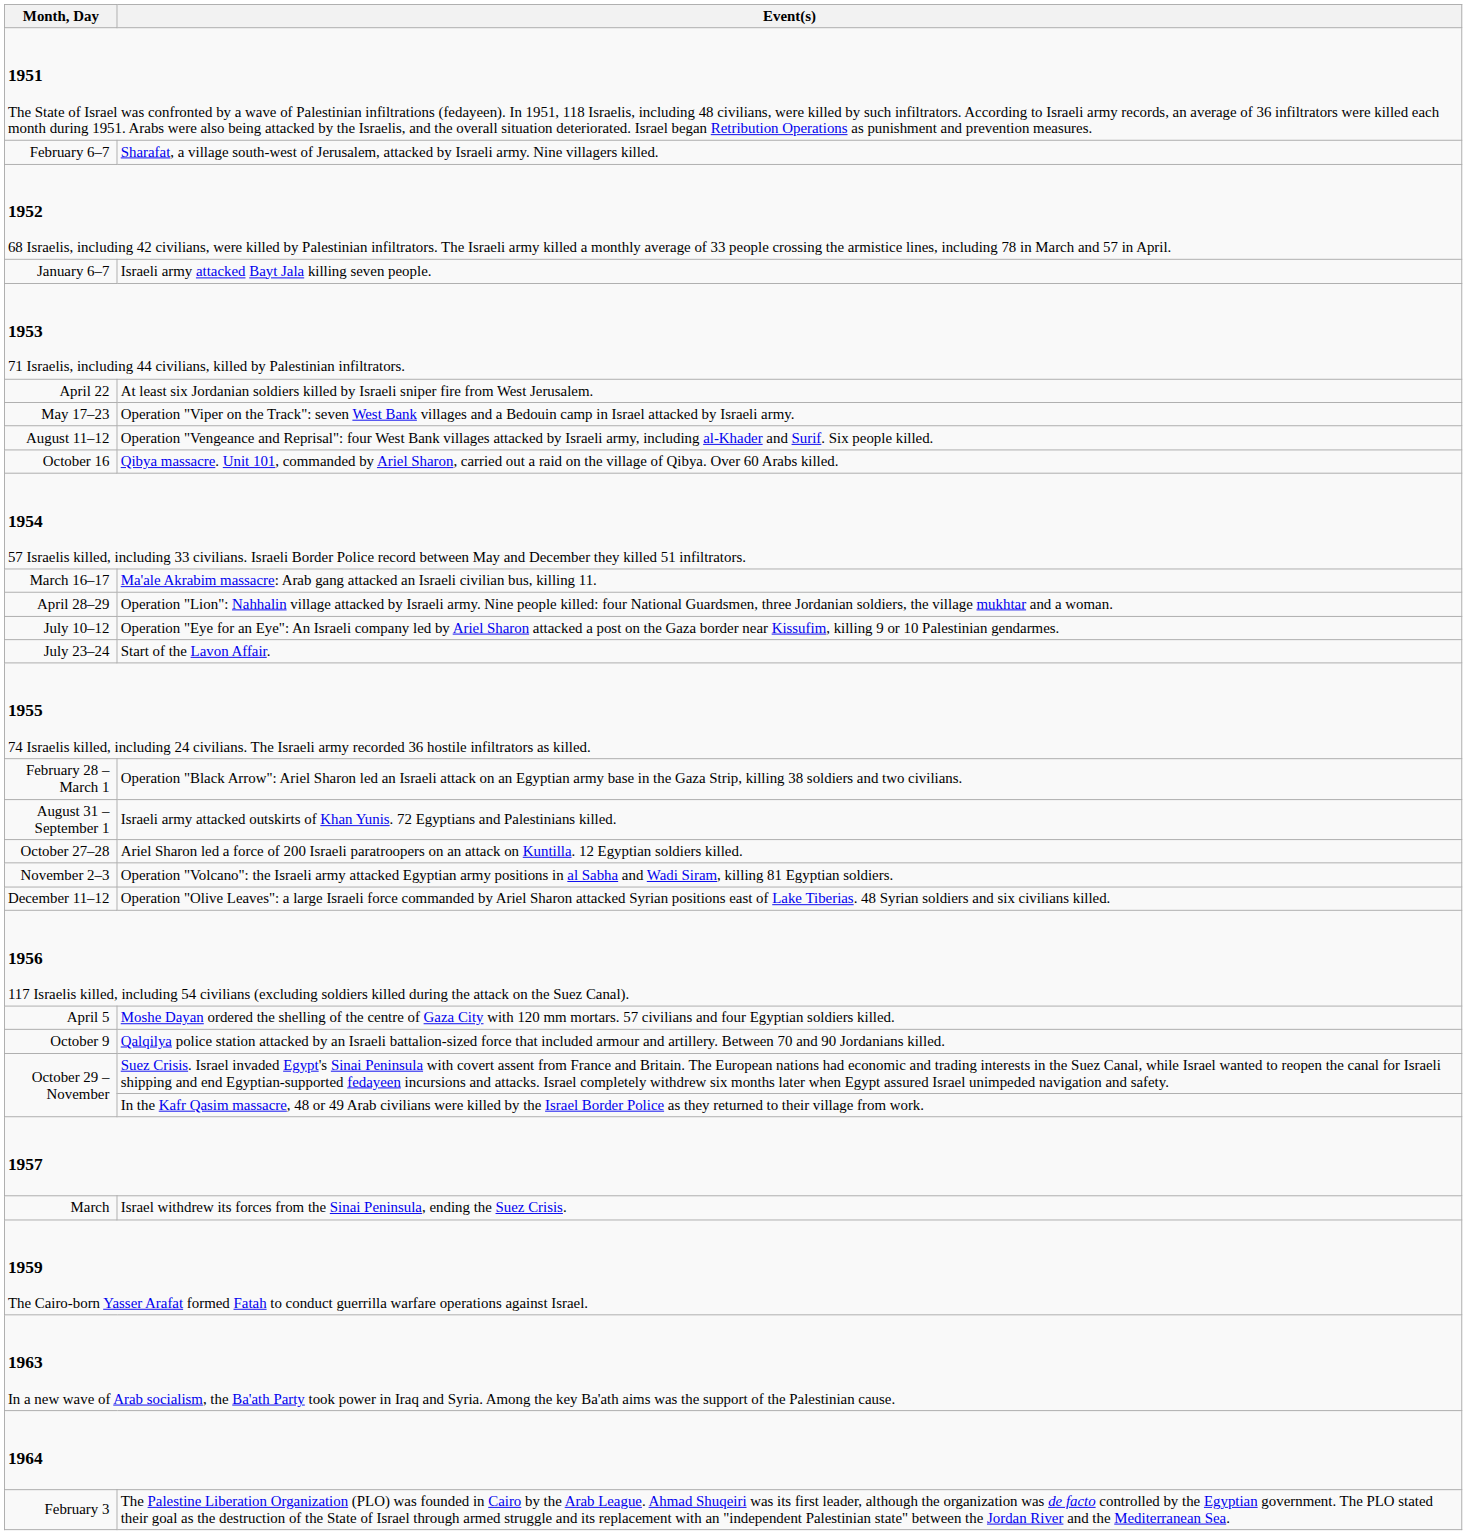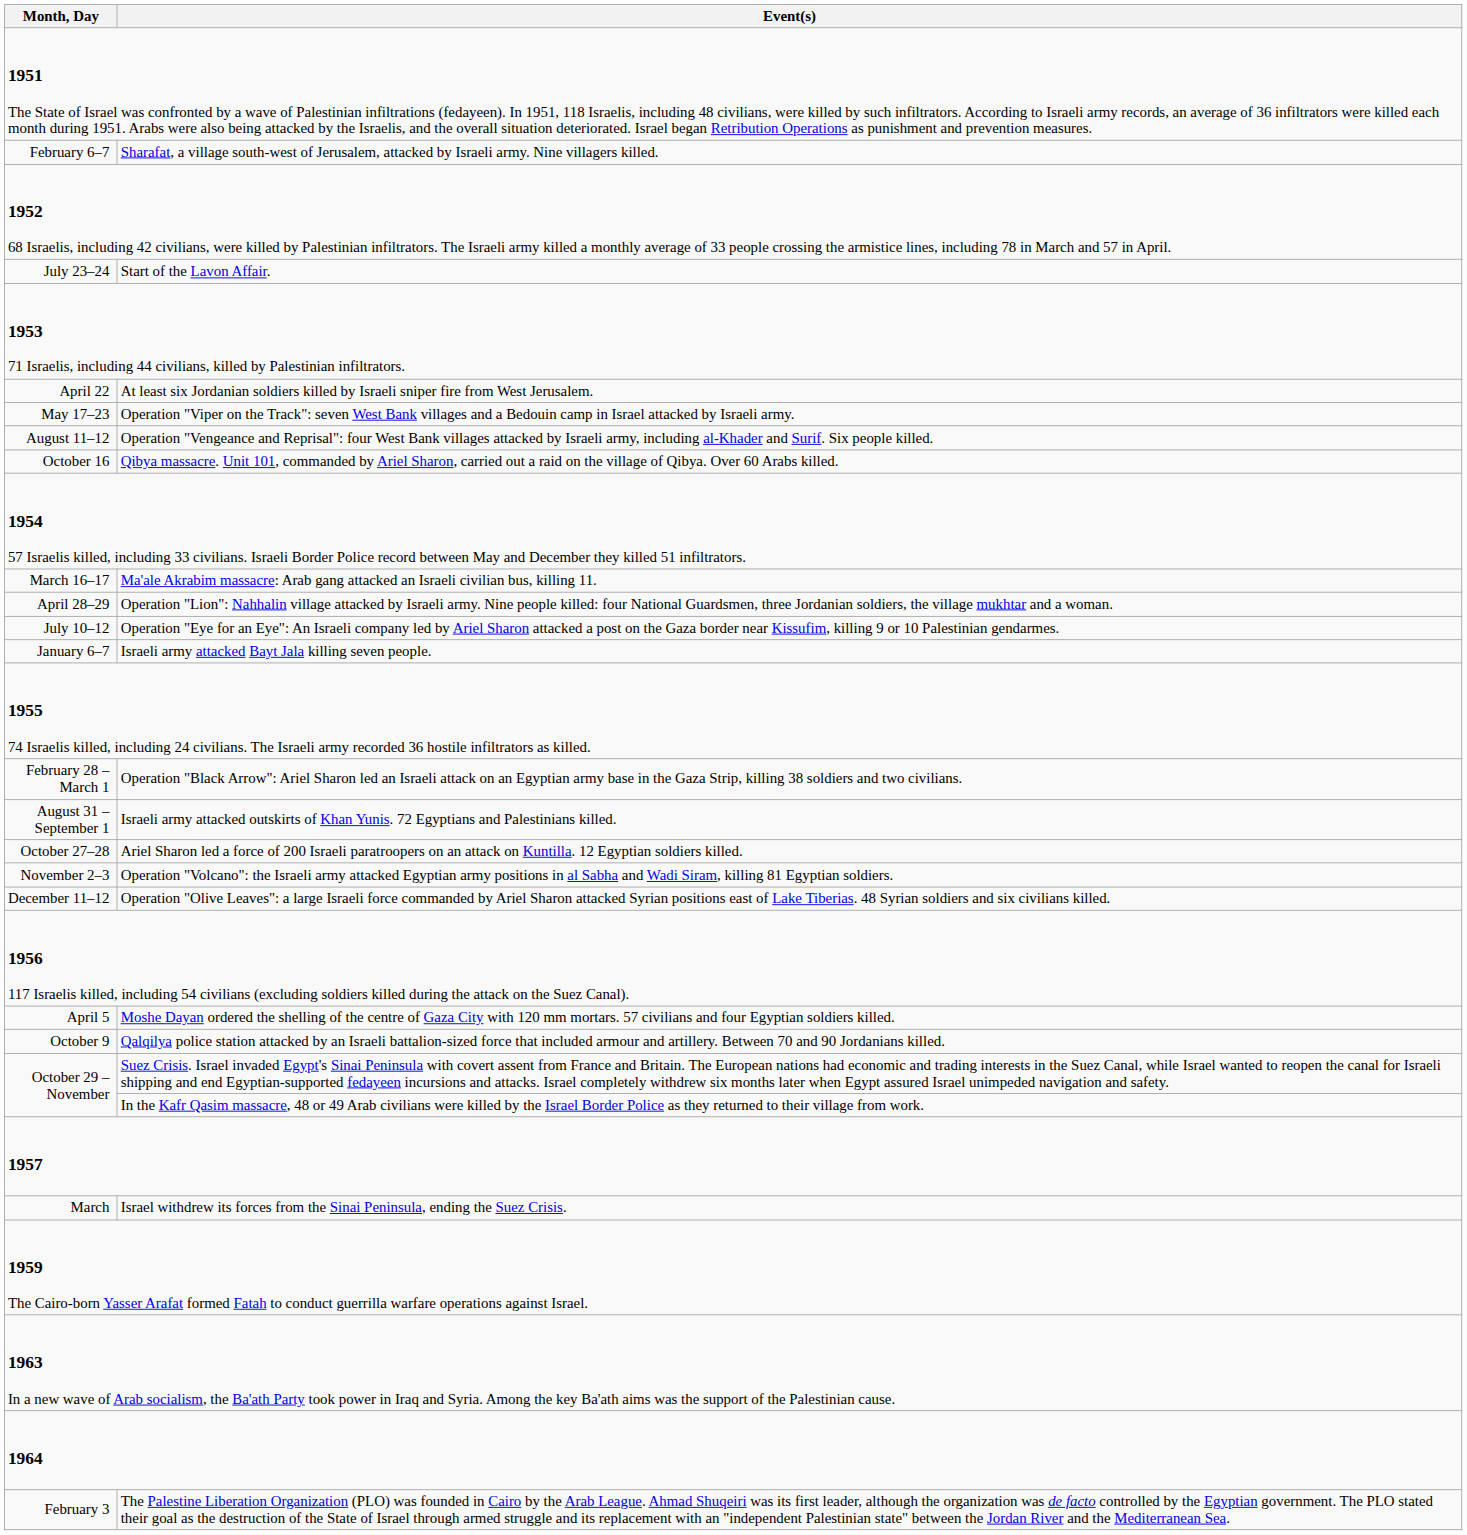 <table class="wikitable">
 <tr>
 <th>Month, Day</th>
 <th>Event(s)</th>
 </tr>
 <tr>
 <td colspan="2"><br><h3>1951</h3>The State of Israel was confronted by a wave of Palestinian infiltrations (fedayeen). In 1951, 118 Israelis, including 48 civilians, were killed by such infiltrators. According to Israeli army records, an average of 36 infiltrators were killed each month during 1951. Arabs were also being attacked by the Israelis, and the overall situation deteriorated. Israel began <a href='#'>Retribution Operations</a> as punishment and prevention measures.</td>
 </tr>
 <tr>
 <td style="white-space:nowrap;text-align:right;padding-right:0.5em;">February 6–7</td>
 <td><a href='#'>Sharafat</a>, a village south-west of Jerusalem, attacked by Israeli army. Nine villagers killed.</td>
 </tr>
 <tr>
 <td colspan="2"><br><h3>1952</h3>68 Israelis, including 42 civilians, were killed by Palestinian infiltrators. The Israeli army killed a monthly average of 33 people crossing the armistice lines, including 78 in March and 57 in April.</td>
 </tr>
 <tr>
-<td style="white-space:nowrap;text-align:right;padding-right:0.5em;">January 6–7</td>
-<td>Israeli army <a href='#'>attacked</a> <a href='#'>Bayt Jala</a> killing seven people.</td>
+<td style="white-space:nowrap;text-align:right;padding-right:0.5em;">July 23–24</td>
+<td>Start of the <a href='#'>Lavon Affair</a>.</td>
 </tr>
 <tr>
 <td colspan="2"><br><h3>1953</h3>71 Israelis, including 44 civilians, killed by Palestinian infiltrators.</td>
 </tr>
 <tr>
 <td style="white-space:nowrap;text-align:right;padding-right:0.5em;">April 22</td>
 <td>At least six Jordanian soldiers killed by Israeli sniper fire from West Jerusalem.</td>
 </tr>
 <tr>
 <td style="white-space:nowrap;text-align:right;padding-right:0.5em;">May 17–23</td>
 <td>Operation "Viper on the Track": seven <a href='#'>West Bank</a> villages and a Bedouin camp in Israel attacked by Israeli army.</td>
 </tr>
 <tr>
 <td style="white-space:nowrap;text-align:right;padding-right:0.5em;">August 11–12</td>
 <td>Operation "Vengeance and Reprisal": four West Bank villages attacked by Israeli army, including <a href='#'>al-Khader</a> and <a href='#'>Surif</a>. Six people killed.</td>
 </tr>
 <tr>
 <td style="white-space:nowrap;text-align:right;padding-right:0.5em;">October 16</td>
 <td><a href='#'>Qibya massacre</a>. <a href='#'>Unit 101</a>, commanded by <a href='#'>Ariel Sharon</a>, carried out a raid on the village of Qibya. Over 60 Arabs killed.</td>
 </tr>
 <tr>
 <td colspan="2"><br><h3>1954</h3>57 Israelis killed, including 33 civilians. Israeli Border Police record between May and December they killed 51 infiltrators.</td>
 </tr>
 <tr>
 <td style="white-space:nowrap;text-align:right;padding-right:0.5em;">March 16–17</td>
 <td><a href='#'>Ma'ale Akrabim massacre</a>: Arab gang attacked an Israeli civilian bus, killing 11.</td>
 </tr>
 <tr>
 <td style="white-space:nowrap;text-align:right;padding-right:0.5em;">April 28–29</td>
 <td>Operation "Lion": <a href='#'>Nahhalin</a> village attacked by Israeli army. Nine people killed: four National Guardsmen, three Jordanian soldiers, the village <a href='#'>mukhtar</a> and a woman.</td>
 </tr>
 <tr>
 <td style="white-space:nowrap;text-align:right;padding-right:0.5em;">July 10–12</td>
 <td>Operation "Eye for an Eye": An Israeli company led by <a href='#'>Ariel Sharon</a> attacked a post on the Gaza border near <a href='#'>Kissufim</a>, killing 9 or 10 Palestinian gendarmes.</td>
 </tr>
 <tr>
-<td style="white-space:nowrap;text-align:right;padding-right:0.5em;">July 23–24</td>
-<td>Start of the <a href='#'>Lavon Affair</a>.</td>
+<td style="white-space:nowrap;text-align:right;padding-right:0.5em;">January 6–7</td>
+<td>Israeli army <a href='#'>attacked</a> <a href='#'>Bayt Jala</a> killing seven people.</td>
 </tr>
 <tr>
 <td colspan="2"><br><h3>1955</h3>74 Israelis killed, including 24 civilians. The Israeli army recorded 36 hostile infiltrators as killed.</td>
 </tr>
 <tr>
 <td style="white-space:nowrap;text-align:right;padding-right:0.5em;">February 28 –<br>March 1</td>
 <td>Operation "Black Arrow": Ariel Sharon led an Israeli attack on an Egyptian army base in the Gaza Strip, killing 38 soldiers and two civilians.</td>
 </tr>
 <tr>
 <td style="white-space:nowrap;text-align:right;padding-right:0.5em;">August 31 –<br>September 1</td>
 <td>Israeli army attacked outskirts of <a href='#'>Khan Yunis</a>. 72 Egyptians and Palestinians killed.</td>
 </tr>
 <tr>
 <td style="white-space:nowrap;text-align:right;padding-right:0.5em;">October 27–28</td>
 <td>Ariel Sharon led a force of 200 Israeli paratroopers on an attack on <a href='#'>Kuntilla</a>. 12 Egyptian soldiers killed.</td>
 </tr>
 <tr>
 <td style="white-space:nowrap;text-align:right;padding-right:0.5em;">November 2–3</td>
 <td>Operation "Volcano": the Israeli army attacked Egyptian army positions in <a href='#'>al Sabha</a> and <a href='#'>Wadi Siram</a>, killing 81 Egyptian soldiers.</td>
 </tr>
 <tr>
 <td style="white-space:nowrap;text-align:right;padding-right:0.5em;">December 11–12</td>
 <td>Operation "Olive Leaves": a large Israeli force commanded by Ariel Sharon attacked Syrian positions east of <a href='#'>Lake Tiberias</a>. 48 Syrian soldiers and six civilians killed.</td>
 </tr>
 <tr>
 <td colspan="2"><br><h3>1956</h3>117 Israelis killed, including 54 civilians (excluding soldiers killed during the attack on the Suez Canal).</td>
 </tr>
 <tr>
 <td style="white-space:nowrap;text-align:right;padding-right:0.5em;">April 5</td>
 <td><a href='#'>Moshe Dayan</a> ordered the shelling of the centre of <a href='#'>Gaza City</a> with 120 mm mortars. 57 civilians and four Egyptian soldiers killed.</td>
 </tr>
 <tr>
 <td style="white-space:nowrap;text-align:right;padding-right:0.5em;">October 9</td>
 <td><a href='#'>Qalqilya</a> police station attacked by an Israeli battalion-sized force that included armour and artillery. Between 70 and 90 Jordanians killed.</td>
 </tr>
 <tr>
 <td rowspan="2" style="white-space:nowrap;text-align:right;padding-right:0.5em;">October 29 –<br>November</td>
 <td><a href='#'>Suez Crisis</a>. Israel invaded <a href='#'>Egypt</a>'s <a href='#'>Sinai Peninsula</a> with covert assent from France and Britain. The European nations had economic and trading interests in the Suez Canal, while Israel wanted to reopen the canal for Israeli shipping and end Egyptian-supported <a href='#'>fedayeen</a> incursions and attacks. Israel completely withdrew six months later when Egypt assured Israel unimpeded navigation and safety.</td>
 </tr>
 <tr>
 <td>In the <a href='#'>Kafr Qasim massacre</a>, 48 or 49 Arab civilians were killed by the <a href='#'>Israel Border Police</a> as they returned to their village from work.</td>
 </tr>
 <tr>
 <td colspan="2"><br><h3>1957</h3></td>
 </tr>
 <tr>
 <td style="white-space:nowrap;text-align:right;padding-right:0.5em;">March</td>
 <td>Israel withdrew its forces from the <a href='#'>Sinai Peninsula</a>, ending the <a href='#'>Suez Crisis</a>.</td>
 </tr>
 <tr>
 <td colspan="2"><br><h3>1959</h3>The Cairo-born <a href='#'>Yasser Arafat</a> formed <a href='#'>Fatah</a> to conduct guerrilla warfare operations against Israel.</td>
 </tr>
 <tr>
 <td colspan="2"><br><h3>1963</h3>In a new wave of <a href='#'>Arab socialism</a>, the <a href='#'>Ba'ath Party</a> took power in Iraq and Syria. Among the key Ba'ath aims was the support of the Palestinian cause.</td>
 </tr>
 <tr>
 <td colspan="2"><br><h3>1964</h3></td>
 </tr>
 <tr>
 <td style="white-space:nowrap;text-align:right;padding-right:0.5em;">February 3</td>
 <td>The <a href='#'>Palestine Liberation Organization</a> (PLO) was founded in <a href='#'>Cairo</a> by the <a href='#'>Arab League</a>. <a href='#'>Ahmad Shuqeiri</a> was its first leader, although the organization was <em><a href='#'>de facto</a></em> controlled by the <a href='#'>Egyptian</a> government. The PLO stated their goal as the destruction of the State of Israel through armed struggle and its replacement with an "independent Palestinian state" between the <a href='#'>Jordan River</a> and the <a href='#'>Mediterranean Sea</a>.</td>
 </tr>
 </table>
